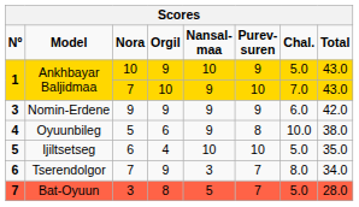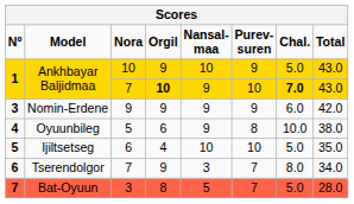 <table class="wikitable collapsible autocollapse" style="text-align:center;">
 <tr>
 <th colspan="8">Scores</th>
 </tr>
 <tr>
 <td><strong>Nº</strong></td>
 <td><strong>Model</strong></td>
 <td><strong>Nora</strong></td>
 <td><strong>Orgil</strong></td>
 <td><strong>Nansal-<br>maa</strong></td>
 <td><strong>Purev-<br>suren</strong></td>
 <td><strong>Chal.</strong></td>
 <td><strong>Total</strong></td>
 </tr>
 <tr>
 <td rowspan="2" style="background:gold"><strong>1</strong></td>
 <td rowspan="2" style="background:gold">Ankhbayar<br>Baljidmaa</td>
 <td style="background:gold">10</td>
 <td style="background:gold">9</td>
 <td style="background:gold">10</td>
 <td style="background:gold">9</td>
 <td style="background:gold">5.0</td>
 <td style="background:gold">43.0</td>
 </tr>
 <tr>
 <td style="background:gold">7</td>
-<td style="background:gold">10</td>
+<td style="background:gold"><strong>10</strong></td>
 <td style="background:gold">9</td>
 <td style="background:gold">10</td>
-<td style="background:gold">7.0</td>
+<td style="background:gold"><strong>7.0</strong></td>
 <td style="background:gold">43.0</td>
 </tr>
 <tr>
 <td><strong>3</strong></td>
 <td>Nomin-Erdene</td>
 <td>9</td>
 <td>9</td>
 <td>9</td>
 <td>9</td>
 <td>6.0</td>
 <td>42.0</td>
 </tr>
 <tr>
 <td><strong>4</strong></td>
 <td>Oyuunbileg</td>
 <td>5</td>
 <td>6</td>
 <td>9</td>
 <td>8</td>
 <td>10.0</td>
 <td>38.0</td>
 </tr>
 <tr>
 <td><strong>5</strong></td>
 <td>Ijiltsetseg</td>
 <td>6</td>
 <td>4</td>
 <td>10</td>
 <td>10</td>
 <td>5.0</td>
 <td>35.0</td>
 </tr>
 <tr>
 <td><strong>6</strong></td>
 <td>Tserendolgor</td>
 <td>7</td>
 <td>9</td>
 <td>3</td>
 <td>7</td>
 <td>8.0</td>
 <td>34.0</td>
 </tr>
 <tr>
 <td style="background:tomato"><strong>7</strong></td>
 <td style="background:tomato">Bat-Oyuun</td>
 <td style="background:tomato">3</td>
 <td style="background:tomato">8</td>
 <td style="background:tomato">5</td>
 <td style="background:tomato">7</td>
 <td style="background:tomato">5.0</td>
 <td style="background:tomato">28.0</td>
 </tr>
 </table>
